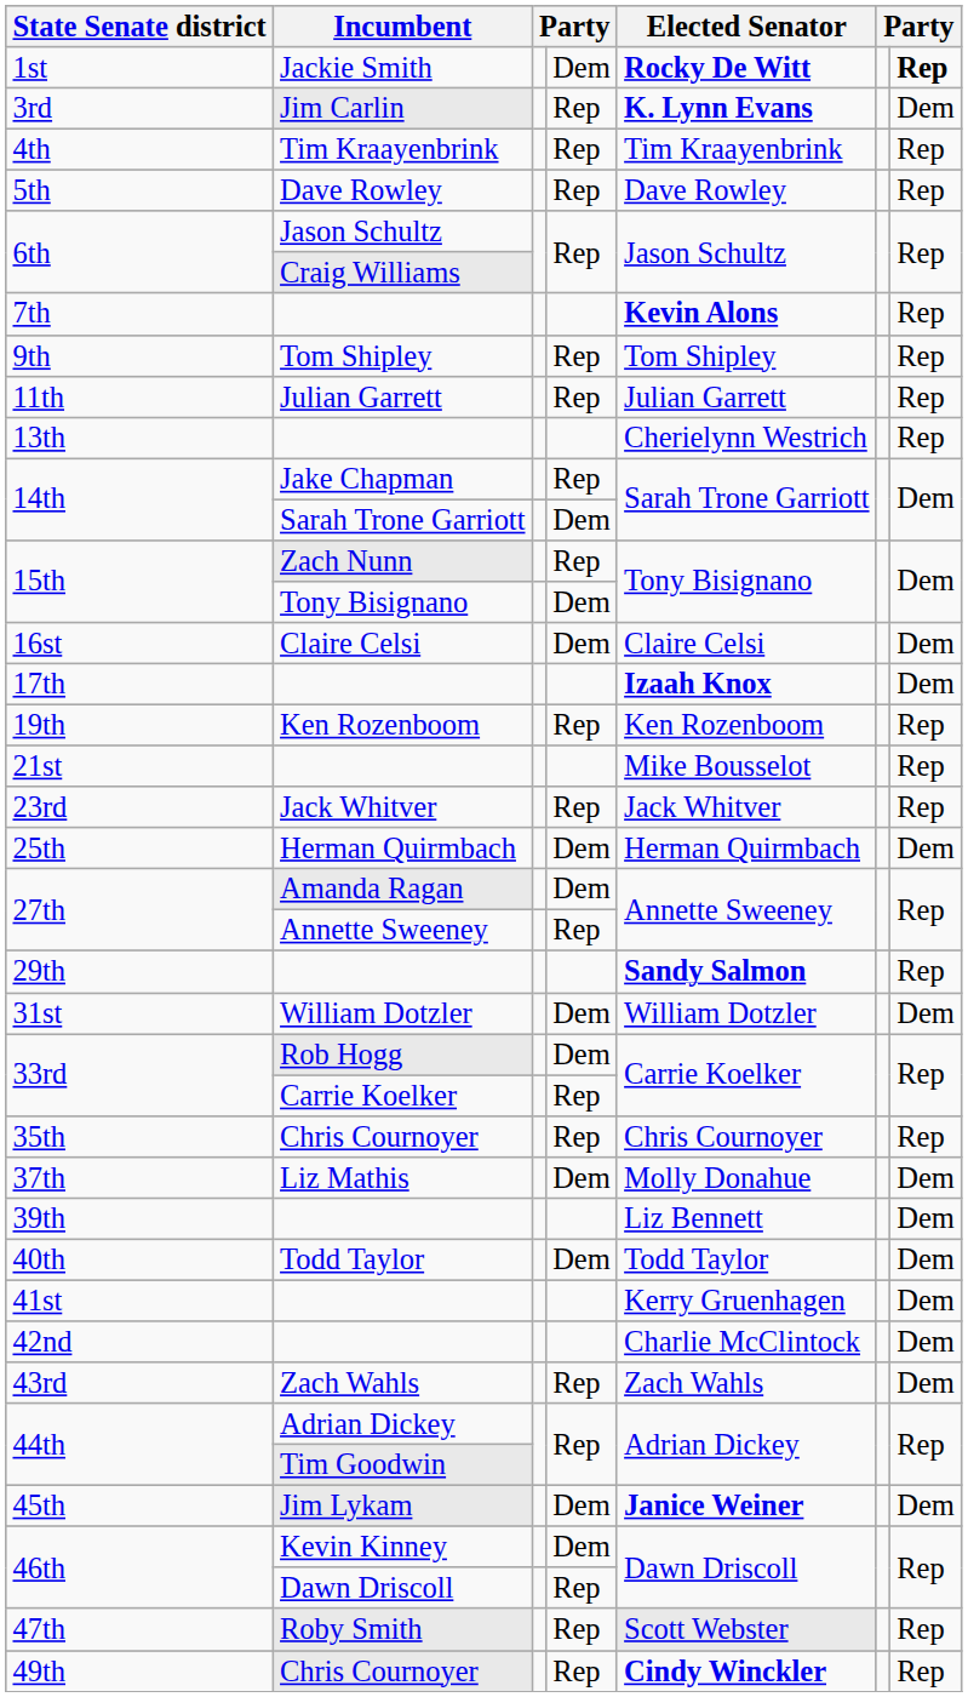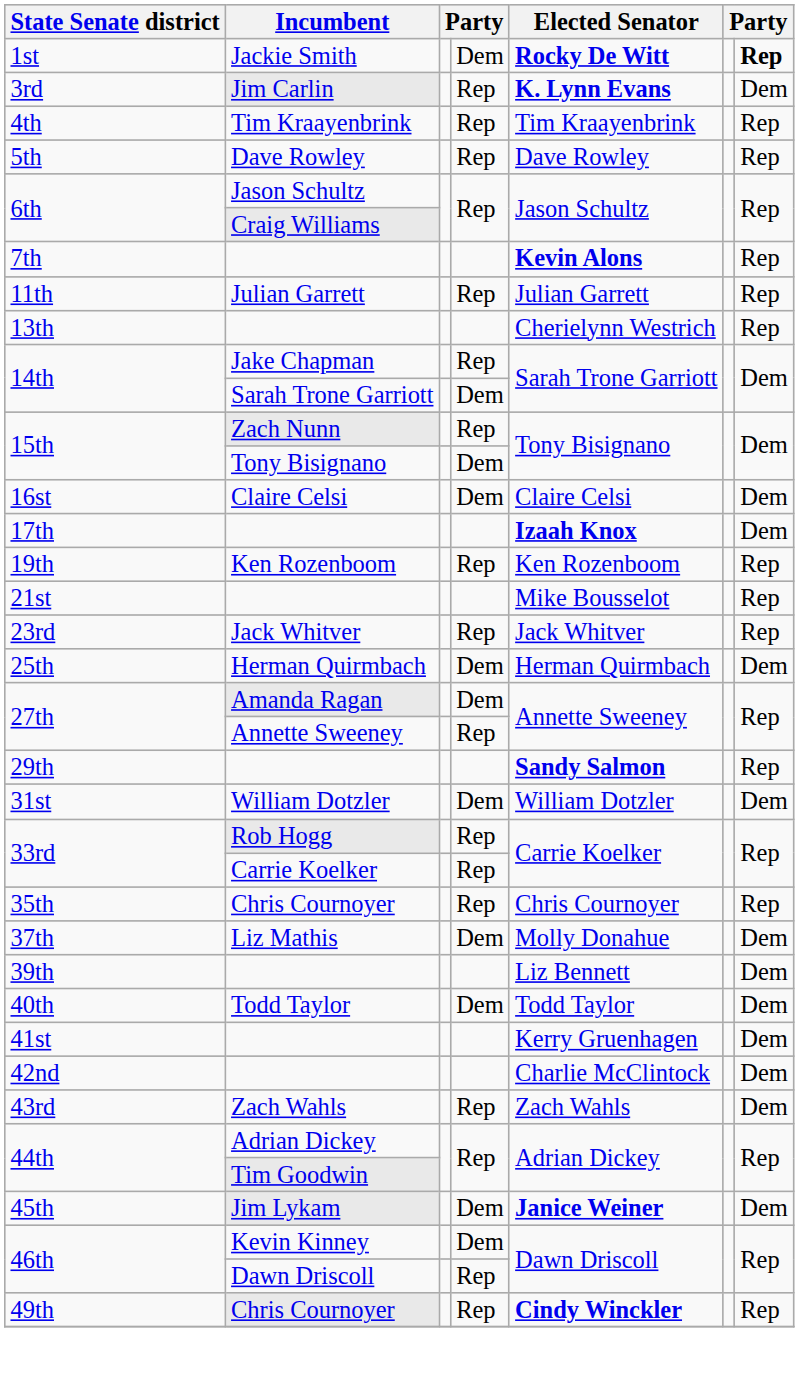 <table class="sortable wikitable" style="font-size:95%;line-height:14px;">
 <tr>
 <th class="unsortable"><a href='#'>State Senate</a> district</th>
 <th class="unsortable"><a href='#'>Incumbent</a></th>
 <th colspan="2">Party</th>
 <th class="unsortable">Elected Senator</th>
 <th colspan="2">Party</th>
 </tr>
 <tr>
 <td><a href='#'>1st</a></td>
 <td><a href='#'>Jackie Smith</a></td>
 <td style="background:"></td>
 <td>Dem</td>
 <td><strong><a href='#'>Rocky De Witt</a></strong></td>
 <td style="background:"></td>
 <td><strong>Rep</strong></td>
 </tr>
 <tr>
 <td><a href='#'>3rd</a></td>
 <td style="background:#E9E9E9;"><a href='#'>Jim Carlin</a></td>
 <td style="background:"></td>
 <td>Rep</td>
 <td><strong><a href='#'>K. Lynn Evans</a></strong></td>
 <td style="background:"></td>
 <td>Dem</td>
 </tr>
 <tr>
 <td><a href='#'>4th</a></td>
 <td><a href='#'>Tim Kraayenbrink</a></td>
 <td style="background:"></td>
 <td>Rep</td>
 <td><a href='#'>Tim Kraayenbrink</a></td>
 <td style="background:"></td>
 <td>Rep</td>
 </tr>
 <tr>
 <td><a href='#'>5th</a></td>
 <td><a href='#'>Dave Rowley</a></td>
 <td style="background:"></td>
 <td>Rep</td>
 <td><a href='#'>Dave Rowley</a></td>
 <td style="background:"></td>
 <td>Rep</td>
 </tr>
 <tr>
 <td rowspan=2><a href='#'>6th</a></td>
 <td><a href='#'>Jason Schultz</a></td>
 <td rowspan=2 style="background:"></td>
 <td rowspan=2>Rep</td>
 <td rowspan=2><a href='#'>Jason Schultz</a></td>
 <td rowspan=2 style="background:"></td>
 <td rowspan=2>Rep</td>
 </tr>
 <tr>
 <td style="background:#E9E9E9;"><a href='#'>Craig Williams</a></td>
 </tr>
 <tr>
 <td><a href='#'>7th</a></td>
 <td></td>
 <td></td>
 <td></td>
 <td><strong><a href='#'>Kevin Alons</a></strong></td>
-<td style="background:"></td>
-<td>Rep</td>
-</tr>
-<tr>
-<td><a href='#'>9th</a></td>
-<td><a href='#'>Tom Shipley</a></td>
-<td style="background:"></td>
-<td>Rep</td>
-<td><a href='#'>Tom Shipley</a></td>
 <td style="background:"></td>
 <td>Rep</td>
 </tr>
 <tr>
 <td><a href='#'>11th</a></td>
 <td><a href='#'>Julian Garrett</a></td>
 <td style="background:"></td>
 <td>Rep</td>
 <td><a href='#'>Julian Garrett</a></td>
 <td style="background:"></td>
 <td>Rep</td>
 </tr>
 <tr>
 <td><a href='#'>13th</a></td>
 <td></td>
 <td></td>
 <td></td>
 <td><a href='#'>Cherielynn Westrich</a></td>
 <td style="background:"></td>
 <td>Rep</td>
 </tr>
 <tr>
 <td rowspan=2><a href='#'>14th</a></td>
 <td><a href='#'>Jake Chapman</a></td>
 <td style="background:"></td>
 <td>Rep</td>
 <td rowspan=2><a href='#'>Sarah Trone Garriott</a></td>
 <td rowspan=2 style="background:"></td>
 <td rowspan=2>Dem</td>
 </tr>
 <tr>
 <td><a href='#'>Sarah Trone Garriott</a></td>
 <td style="background:"></td>
 <td>Dem</td>
 </tr>
 <tr>
 <td rowspan=2><a href='#'>15th</a></td>
 <td style="background:#E9E9E9;"><a href='#'>Zach Nunn</a></td>
 <td style="background:"></td>
 <td>Rep</td>
 <td rowspan=2><a href='#'>Tony Bisignano</a></td>
 <td rowspan=2 style="background:"></td>
 <td rowspan=2>Dem</td>
 </tr>
 <tr>
 <td><a href='#'>Tony Bisignano</a></td>
 <td style="background:"></td>
 <td>Dem</td>
 </tr>
 <tr>
 <td><a href='#'>16st</a></td>
 <td><a href='#'>Claire Celsi</a></td>
 <td style="background:"></td>
 <td>Dem</td>
 <td><a href='#'>Claire Celsi</a></td>
 <td style="background:"></td>
 <td>Dem</td>
 </tr>
 <tr>
 <td><a href='#'>17th</a></td>
 <td></td>
 <td></td>
 <td></td>
 <td><strong><a href='#'>Izaah Knox</a></strong></td>
 <td style="background:"></td>
 <td>Dem</td>
 </tr>
 <tr>
 <td><a href='#'>19th</a></td>
 <td><a href='#'>Ken Rozenboom</a></td>
 <td style="background:"></td>
 <td>Rep</td>
 <td><a href='#'>Ken Rozenboom</a></td>
 <td style="background:"></td>
 <td>Rep</td>
 </tr>
 <tr>
 <td><a href='#'>21st</a></td>
 <td></td>
 <td></td>
 <td></td>
 <td><a href='#'>Mike Bousselot</a></td>
 <td style="background:"></td>
 <td>Rep</td>
 </tr>
 <tr>
 <td><a href='#'>23rd</a></td>
 <td><a href='#'>Jack Whitver</a></td>
 <td style="background:"></td>
 <td>Rep</td>
 <td><a href='#'>Jack Whitver</a></td>
 <td style="background:"></td>
 <td>Rep</td>
 </tr>
 <tr>
 <td><a href='#'>25th</a></td>
 <td><a href='#'>Herman Quirmbach</a></td>
 <td style="background:"></td>
 <td>Dem</td>
 <td><a href='#'>Herman Quirmbach</a></td>
 <td style="background:"></td>
 <td>Dem</td>
 </tr>
 <tr>
 <td rowspan=2><a href='#'>27th</a></td>
 <td style="background:#E9E9E9;"><a href='#'>Amanda Ragan</a></td>
 <td style="background:"></td>
 <td>Dem</td>
 <td rowspan=2><a href='#'>Annette Sweeney</a></td>
 <td rowspan=2 style="background:"></td>
 <td rowspan=2>Rep</td>
 </tr>
 <tr>
 <td><a href='#'>Annette Sweeney</a></td>
 <td style="background:"></td>
 <td>Rep</td>
 </tr>
 <tr>
 <td><a href='#'>29th</a></td>
 <td></td>
 <td></td>
 <td></td>
 <td><strong><a href='#'>Sandy Salmon</a></strong></td>
 <td style="background:"></td>
 <td>Rep</td>
 </tr>
 <tr>
 <td><a href='#'>31st</a></td>
 <td><a href='#'>William Dotzler</a></td>
 <td style="background:"></td>
 <td>Dem</td>
 <td><a href='#'>William Dotzler</a></td>
 <td style="background:"></td>
 <td>Dem</td>
 </tr>
 <tr>
 <td rowspan=2><a href='#'>33rd</a></td>
 <td style="background:#E9E9E9;"><a href='#'>Rob Hogg</a></td>
 <td style="background:"></td>
-<td>Dem</td>
+<td>Rep</td>
 <td rowspan=2><a href='#'>Carrie Koelker</a></td>
 <td rowspan=2 style="background:"></td>
 <td rowspan=2>Rep</td>
 </tr>
 <tr>
 <td><a href='#'>Carrie Koelker</a></td>
 <td style="background:"></td>
 <td>Rep</td>
 </tr>
 <tr>
 <td><a href='#'>35th</a></td>
 <td><a href='#'>Chris Cournoyer</a></td>
 <td style="background:"></td>
 <td>Rep</td>
 <td><a href='#'>Chris Cournoyer</a></td>
 <td style="background:"></td>
 <td>Rep</td>
 </tr>
 <tr>
 <td><a href='#'>37th</a></td>
 <td><a href='#'>Liz Mathis</a></td>
 <td style="background:"></td>
 <td>Dem</td>
 <td><a href='#'>Molly Donahue</a></td>
 <td style="background:"></td>
 <td>Dem</td>
 </tr>
 <tr>
 <td><a href='#'>39th</a></td>
 <td></td>
 <td></td>
 <td></td>
 <td><a href='#'>Liz Bennett</a></td>
 <td style="background:"></td>
 <td>Dem</td>
 </tr>
 <tr>
 <td><a href='#'>40th</a></td>
 <td><a href='#'>Todd Taylor</a></td>
 <td style="background:"></td>
 <td>Dem</td>
 <td><a href='#'>Todd Taylor</a></td>
 <td style="background:"></td>
 <td>Dem</td>
 </tr>
 <tr>
 <td><a href='#'>41st</a></td>
 <td></td>
 <td></td>
 <td></td>
 <td><a href='#'>Kerry Gruenhagen</a></td>
 <td style="background:"></td>
 <td>Dem</td>
 </tr>
 <tr>
 <td><a href='#'>42nd</a></td>
 <td></td>
 <td></td>
 <td></td>
 <td><a href='#'>Charlie McClintock</a></td>
 <td style="background:"></td>
 <td>Dem</td>
 </tr>
 <tr>
 <td><a href='#'>43rd</a></td>
 <td><a href='#'>Zach Wahls</a></td>
 <td style="background:"></td>
 <td>Rep</td>
 <td><a href='#'>Zach Wahls</a></td>
 <td style="background:"></td>
 <td>Dem</td>
 </tr>
 <tr>
 <td rowspan=2><a href='#'>44th</a></td>
 <td><a href='#'>Adrian Dickey</a></td>
 <td rowspan=2 style="background:"></td>
 <td rowspan=2>Rep</td>
 <td rowspan=2><a href='#'>Adrian Dickey</a></td>
 <td rowspan=2 style="background:"></td>
 <td rowspan=2>Rep</td>
 </tr>
 <tr>
 <td style="background:#E9E9E9;"><a href='#'>Tim Goodwin</a></td>
 </tr>
 <tr>
 <td><a href='#'>45th</a></td>
 <td style="background:#E9E9E9;"><a href='#'>Jim Lykam</a></td>
 <td style="background:"></td>
 <td>Dem</td>
 <td><strong><a href='#'>Janice Weiner</a></strong></td>
 <td style="background:"></td>
 <td>Dem</td>
 </tr>
 <tr>
 <td rowspan=2><a href='#'>46th</a></td>
 <td><a href='#'>Kevin Kinney</a></td>
 <td style="background:"></td>
 <td>Dem</td>
 <td rowspan=2><a href='#'>Dawn Driscoll</a></td>
 <td rowspan=2 style="background:"></td>
 <td rowspan=2>Rep</td>
 </tr>
 <tr>
 <td><a href='#'>Dawn Driscoll</a></td>
 <td style="background:"></td>
 <td>Rep</td>
 </tr>
 <tr>
-<td><a href='#'>47th</a></td>
-<td style="background:#E9E9E9;"><a href='#'>Roby Smith</a></td>
-<td style="background:"></td>
-<td>Rep</td>
-<td style="background:#E9E9E9;"><a href='#'>Scott Webster</a></td>
-<td style="background:"></td>
-<td>Rep</td>
-</tr>
-<tr>
 <td><a href='#'>49th</a></td>
 <td style="background:#E9E9E9;"><a href='#'>Chris Cournoyer</a></td>
 <td style="background:"></td>
 <td>Rep</td>
 <td><strong><a href='#'>Cindy Winckler</a></strong></td>
 <td style="background:"></td>
 <td>Rep</td>
 </tr>
 <tr>
 </tr>
 </table>
